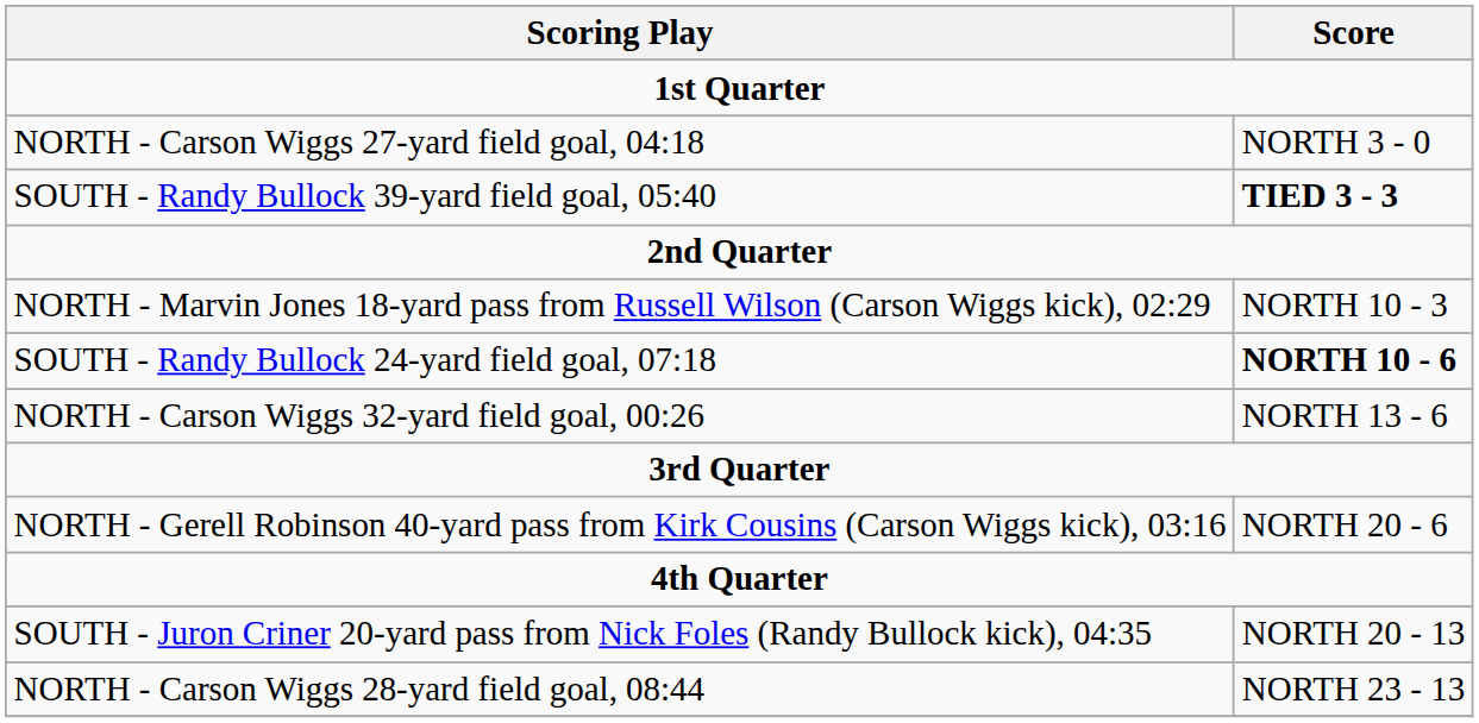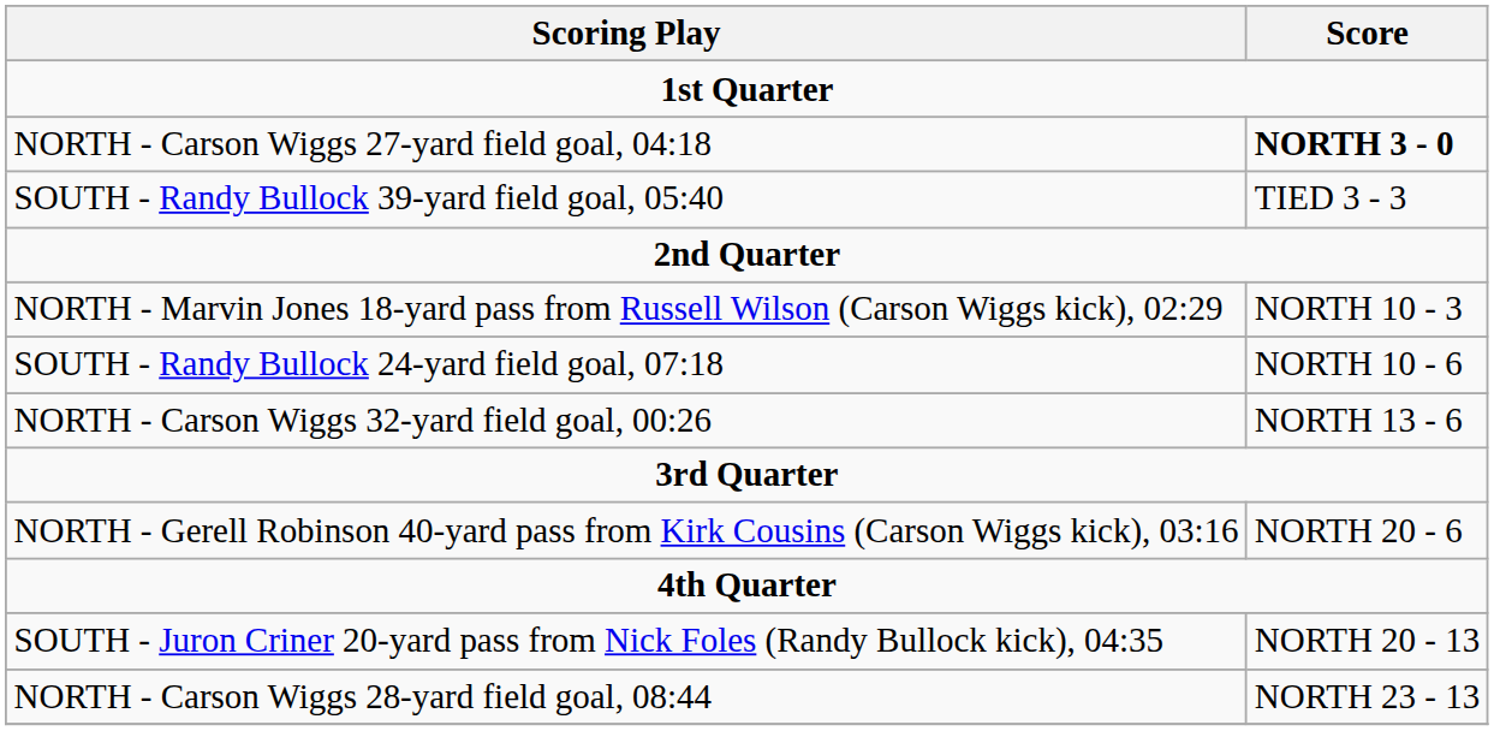 <table class="wikitable">
 <tr>
 <th>Scoring Play</th>
 <th>Score</th>
 </tr>
 <tr>
 <td colspan="4" align="center"><strong>1st Quarter</strong></td>
 </tr>
 <tr>
 <td>NORTH - Carson Wiggs 27-yard field goal, 04:18</td>
-<td>NORTH 3 - 0</td>
+<td><strong>NORTH 3 - 0</strong></td>
 </tr>
 <tr>
 <td>SOUTH - <a href='#'>Randy Bullock</a> 39-yard field goal, 05:40</td>
-<td><strong>TIED 3 - 3</strong></td>
+<td>TIED 3 - 3</td>
 </tr>
 <tr>
 <td colspan="4" align="center"><strong>2nd Quarter</strong></td>
 </tr>
 <tr>
 <td>NORTH - Marvin Jones 18-yard pass from <a href='#'>Russell Wilson</a> (Carson Wiggs kick), 02:29</td>
 <td>NORTH 10 - 3</td>
 </tr>
 <tr>
 <td>SOUTH - <a href='#'>Randy Bullock</a> 24-yard field goal, 07:18</td>
-<td><strong>NORTH 10 - 6</strong></td>
+<td>NORTH 10 - 6</td>
 </tr>
 <tr>
 <td>NORTH - Carson Wiggs 32-yard field goal, 00:26</td>
 <td>NORTH 13 - 6</td>
 </tr>
 <tr>
 <td colspan="4" align="center"><strong>3rd Quarter</strong></td>
 </tr>
 <tr>
 <td>NORTH - Gerell Robinson 40-yard pass from <a href='#'>Kirk Cousins</a> (Carson Wiggs kick), 03:16</td>
 <td>NORTH 20 - 6</td>
 </tr>
 <tr>
 <td colspan="4" align="center"><strong>4th Quarter</strong></td>
 </tr>
 <tr>
 <td>SOUTH - <a href='#'>Juron Criner</a> 20-yard pass from <a href='#'>Nick Foles</a> (Randy Bullock kick), 04:35</td>
 <td>NORTH 20 - 13</td>
 </tr>
 <tr>
 <td>NORTH - Carson Wiggs 28-yard field goal, 08:44</td>
 <td>NORTH 23 - 13</td>
 </tr>
 <tr>
 </tr>
 </table>
